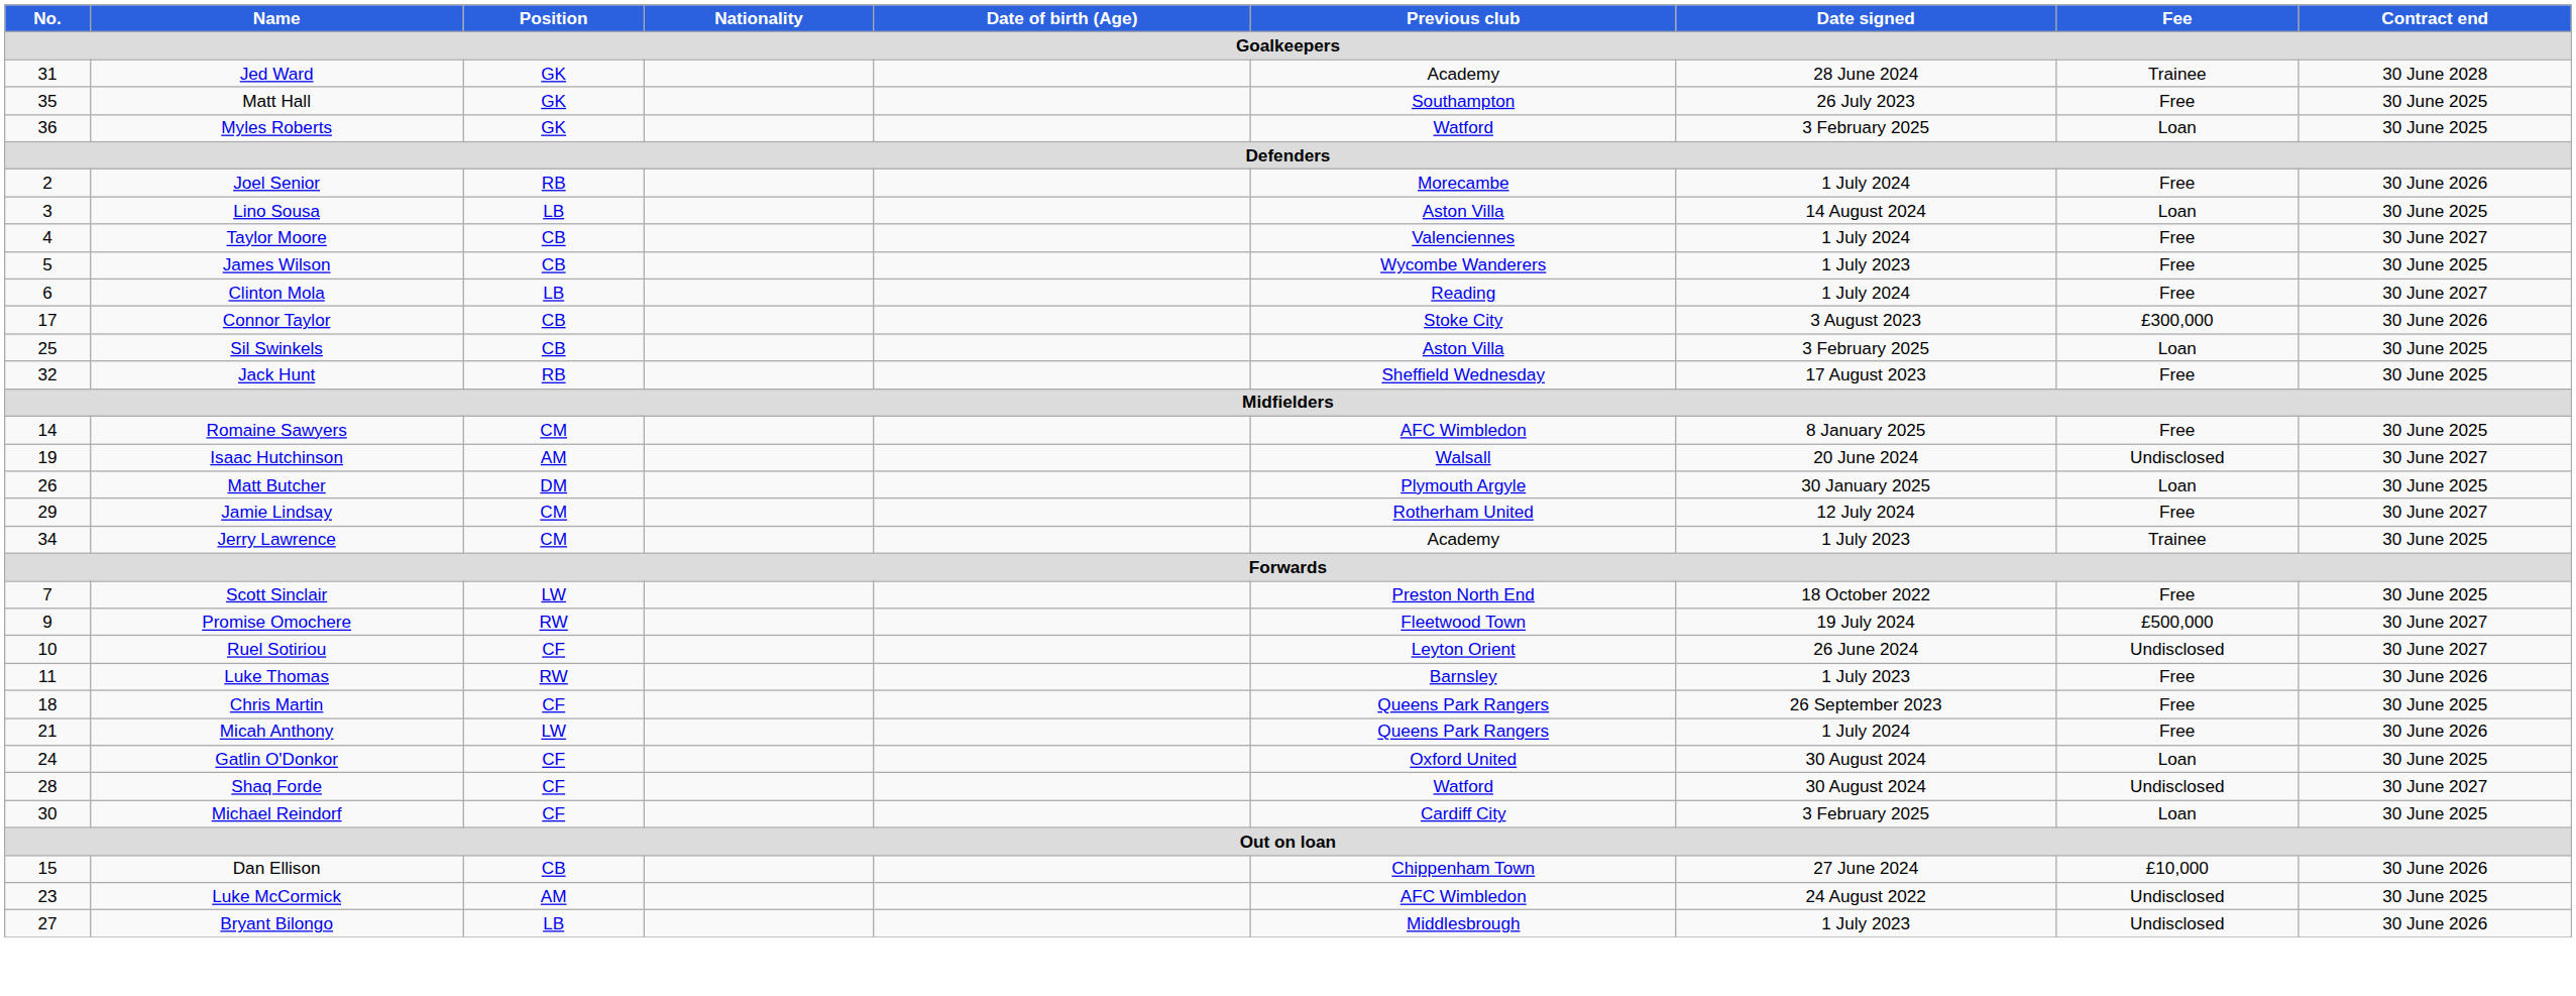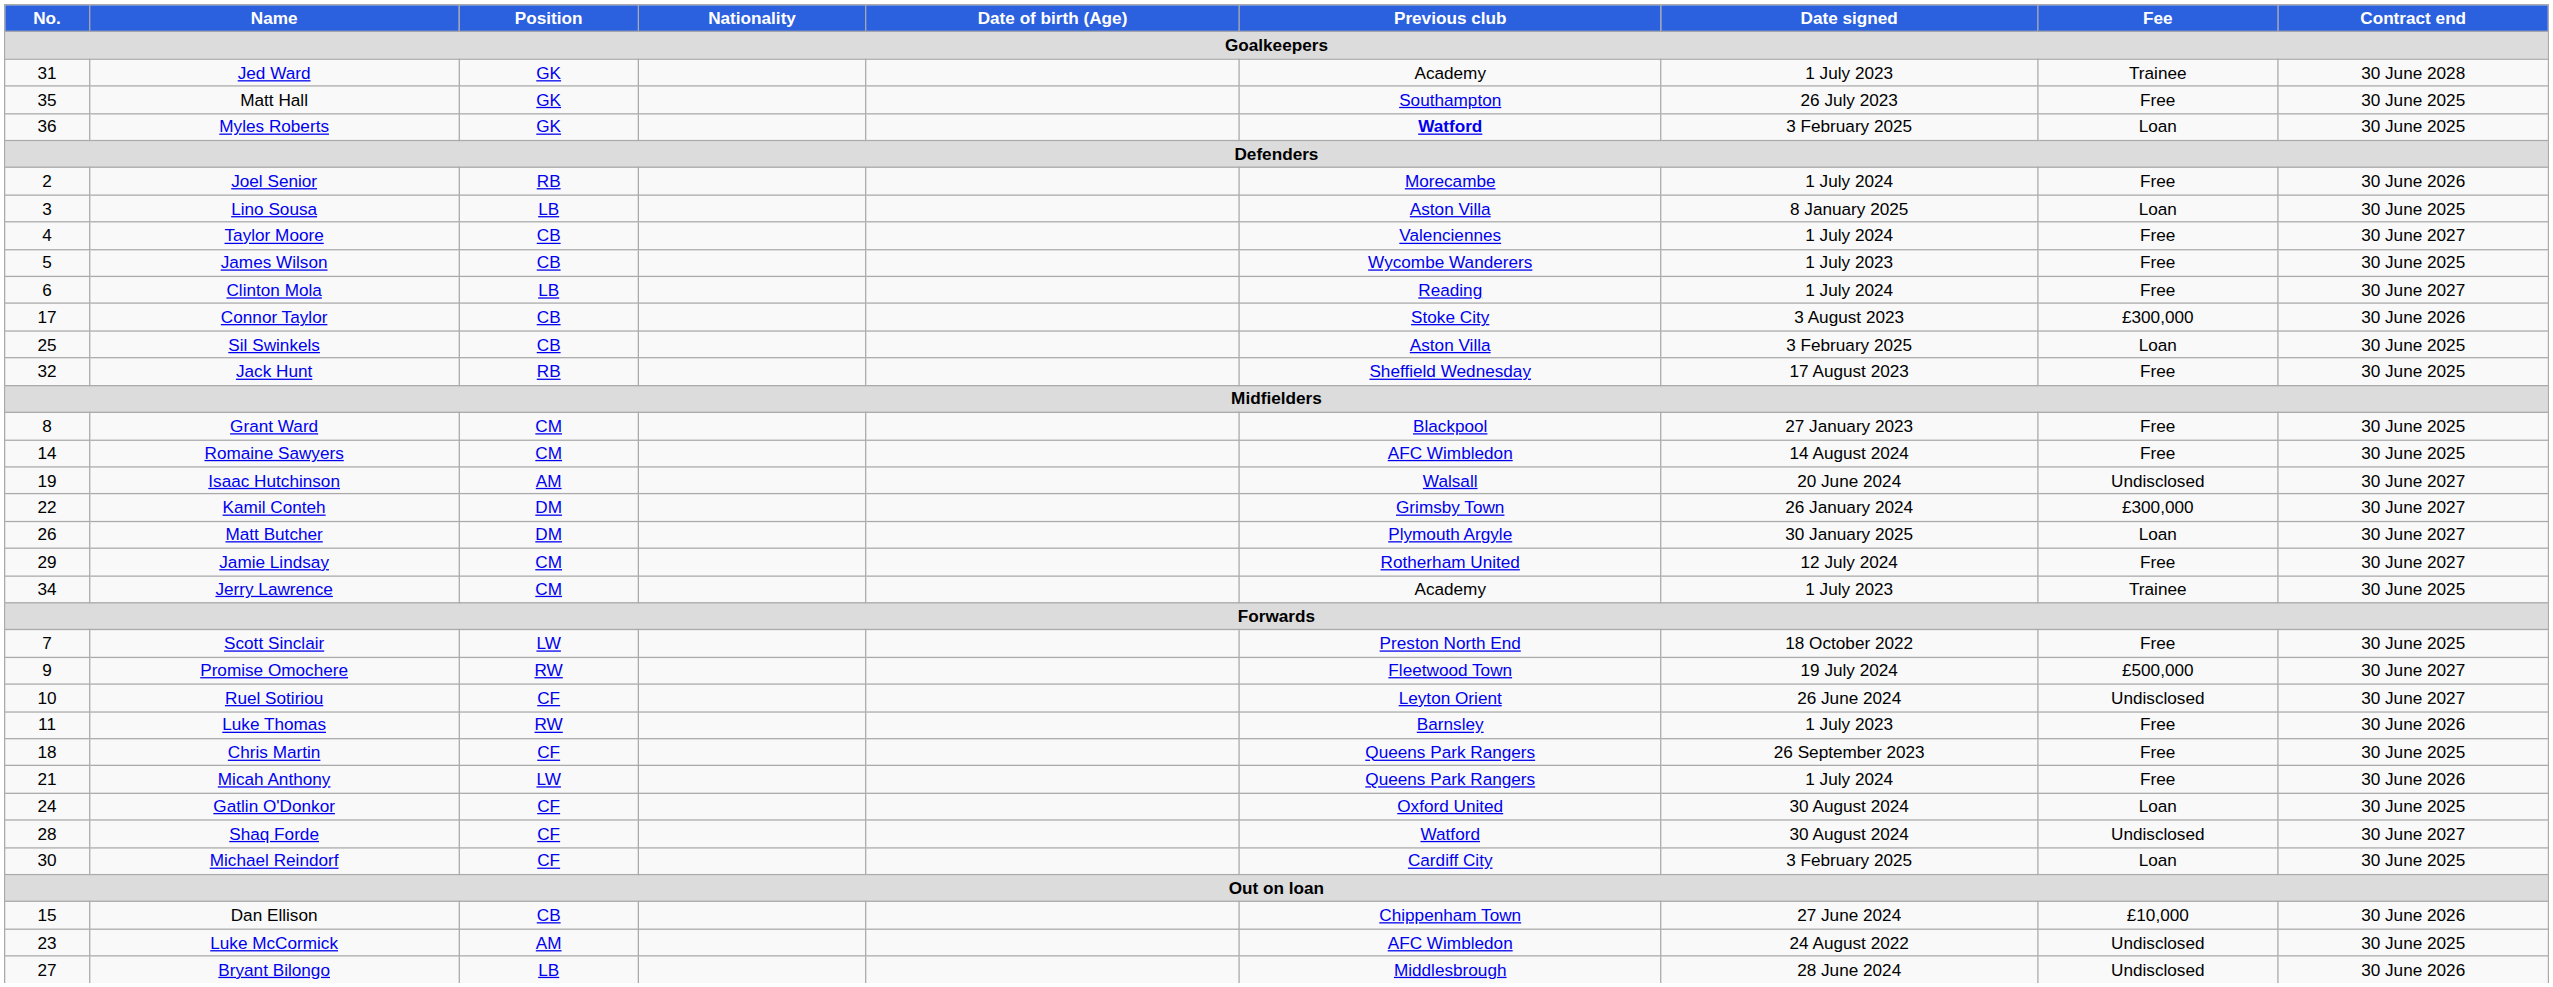 <table class="wikitable sortable" style="text-align:center; font-size:84.5%; width:101%;">
 <tr>
 <th style="background:#2B60DE; color:#fff; text-align:center;">No.</th>
 <th style="background:#2B60DE; color:#fff; text-align:center;">Name</th>
 <th style="background:#2B60DE; color:#fff; text-align:center;">Position</th>
 <th style="background:#2B60DE; color:#fff; text-align:center;">Nationality</th>
 <th style="background:#2B60DE; color:#fff; text-align:center;">Date of birth (Age)</th>
 <th style="background:#2B60DE; color:#fff; text-align:center;">Previous club</th>
 <th style="background:#2B60DE; color:#fff; text-align:center;">Date signed</th>
 <th style="background:#2B60DE; color:#fff; text-align:center;">Fee</th>
 <th style="background:#2B60DE; color:#fff; text-align:center;">Contract end</th>
 </tr>
 <tr>
 <th colspan="9" style="background:#dcdcdc; tepxt-align:center;">Goalkeepers</th>
 </tr>
 <tr>
 <td>31</td>
 <td><a href='#'>Jed Ward</a></td>
 <td><a href='#'>GK</a></td>
 <td></td>
 <td></td>
 <td>Academy</td>
-<td>28 June 2024</td>
+<td>1 July 2023</td>
 <td>Trainee</td>
 <td>30 June 2028</td>
 </tr>
 <tr>
 <td>35</td>
 <td>Matt Hall</td>
 <td><a href='#'>GK</a></td>
 <td></td>
 <td></td>
 <td><a href='#'>Southampton</a></td>
 <td>26 July 2023</td>
 <td>Free</td>
 <td>30 June 2025</td>
 </tr>
 <tr>
 <td>36</td>
 <td><a href='#'>Myles Roberts</a></td>
 <td><a href='#'>GK</a></td>
 <td></td>
 <td></td>
-<td><a href='#'>Watford</a></td>
+<td><strong><a href='#'>Watford</a></strong></td>
 <td>3 February 2025</td>
 <td>Loan</td>
 <td>30 June 2025</td>
 </tr>
 <tr>
 <th colspan="9" style="background:#dcdcdc; tepxt-align:center;">Defenders</th>
 </tr>
 <tr>
 <td>2</td>
 <td><a href='#'>Joel Senior</a></td>
 <td><a href='#'>RB</a></td>
 <td></td>
 <td></td>
 <td><a href='#'>Morecambe</a></td>
 <td>1 July 2024</td>
 <td>Free</td>
 <td>30 June 2026</td>
 </tr>
 <tr>
 <td>3</td>
 <td><a href='#'>Lino Sousa</a></td>
 <td><a href='#'>LB</a></td>
 <td></td>
 <td></td>
 <td><a href='#'>Aston Villa</a></td>
-<td>14 August 2024</td>
+<td>8 January 2025</td>
 <td>Loan</td>
 <td>30 June 2025</td>
 </tr>
 <tr>
 <td>4</td>
 <td><a href='#'>Taylor Moore</a></td>
 <td><a href='#'>CB</a></td>
 <td></td>
 <td></td>
 <td><a href='#'>Valenciennes</a></td>
 <td>1 July 2024</td>
 <td>Free</td>
 <td>30 June 2027</td>
 </tr>
 <tr>
 <td>5</td>
 <td><a href='#'>James Wilson</a></td>
 <td><a href='#'>CB</a></td>
 <td></td>
 <td></td>
 <td><a href='#'>Wycombe Wanderers</a></td>
 <td>1 July 2023</td>
 <td>Free</td>
 <td>30 June 2025</td>
 </tr>
 <tr>
 <td>6</td>
 <td><a href='#'>Clinton Mola</a></td>
 <td><a href='#'>LB</a></td>
 <td></td>
 <td></td>
 <td><a href='#'>Reading</a></td>
 <td>1 July 2024</td>
 <td>Free</td>
 <td>30 June 2027</td>
 </tr>
 <tr>
 <td>17</td>
 <td><a href='#'>Connor Taylor</a></td>
 <td><a href='#'>CB</a></td>
 <td></td>
 <td></td>
 <td><a href='#'>Stoke City</a></td>
 <td>3 August 2023</td>
 <td>£300,000</td>
 <td>30 June 2026</td>
 </tr>
 <tr>
 <td>25</td>
 <td><a href='#'>Sil Swinkels</a></td>
 <td><a href='#'>CB</a></td>
 <td></td>
 <td></td>
 <td><a href='#'>Aston Villa</a></td>
 <td>3 February 2025</td>
 <td>Loan</td>
 <td>30 June 2025</td>
 </tr>
 <tr>
 <td>32</td>
 <td><a href='#'>Jack Hunt</a></td>
 <td><a href='#'>RB</a></td>
 <td></td>
 <td></td>
 <td><a href='#'>Sheffield Wednesday</a></td>
 <td>17 August 2023</td>
 <td>Free</td>
 <td>30 June 2025</td>
 </tr>
 <tr>
 <th colspan="9" style="background:#dcdcdc; tepxt-align:center;">Midfielders</th>
 </tr>
 <tr>
+<td>8</td>
+<td><a href='#'>Grant Ward</a></td>
+<td><a href='#'>CM</a></td>
+<td></td>
+<td></td>
+<td><a href='#'>Blackpool</a></td>
+<td>27 January 2023</td>
+<td>Free</td>
+<td>30 June 2025</td>
+</tr>
+<tr>
 <td>14</td>
 <td><a href='#'>Romaine Sawyers</a></td>
 <td><a href='#'>CM</a></td>
 <td></td>
 <td></td>
 <td><a href='#'>AFC Wimbledon</a></td>
-<td>8 January 2025</td>
+<td>14 August 2024</td>
 <td>Free</td>
 <td>30 June 2025</td>
 </tr>
 <tr>
 <td>19</td>
 <td><a href='#'>Isaac Hutchinson</a></td>
 <td><a href='#'>AM</a></td>
 <td></td>
 <td></td>
 <td><a href='#'>Walsall</a></td>
 <td>20 June 2024</td>
 <td>Undisclosed</td>
 <td>30 June 2027</td>
 </tr>
 <tr>
+<td>22</td>
+<td><a href='#'>Kamil Conteh</a></td>
+<td><a href='#'>DM</a></td>
+<td></td>
+<td></td>
+<td><a href='#'>Grimsby Town</a></td>
+<td>26 January 2024</td>
+<td>£300,000</td>
+<td>30 June 2027</td>
+</tr>
+<tr>
 <td>26</td>
 <td><a href='#'>Matt Butcher</a></td>
 <td><a href='#'>DM</a></td>
 <td></td>
 <td></td>
 <td><a href='#'>Plymouth Argyle</a></td>
 <td>30 January 2025</td>
 <td>Loan</td>
-<td>30 June 2025</td>
+<td>30 June 2027</td>
 </tr>
 <tr>
 <td>29</td>
 <td><a href='#'>Jamie Lindsay</a></td>
 <td><a href='#'>CM</a></td>
 <td></td>
 <td></td>
 <td><a href='#'>Rotherham United</a></td>
 <td>12 July 2024</td>
 <td>Free</td>
 <td>30 June 2027</td>
 </tr>
 <tr>
 <td>34</td>
 <td><a href='#'>Jerry Lawrence</a></td>
 <td><a href='#'>CM</a></td>
 <td></td>
 <td></td>
 <td>Academy</td>
 <td>1 July 2023</td>
 <td>Trainee</td>
 <td>30 June 2025</td>
 </tr>
 <tr>
 <th colspan="9" style="background:#dcdcdc; tepxt-align:center;">Forwards</th>
 </tr>
 <tr>
 <td>7</td>
 <td><a href='#'>Scott Sinclair</a></td>
 <td><a href='#'>LW</a></td>
 <td></td>
 <td></td>
 <td><a href='#'>Preston North End</a></td>
 <td>18 October 2022</td>
 <td>Free</td>
 <td>30 June 2025</td>
 </tr>
 <tr>
 <td>9</td>
 <td><a href='#'>Promise Omochere</a></td>
 <td><a href='#'>RW</a></td>
 <td></td>
 <td></td>
 <td><a href='#'>Fleetwood Town</a></td>
 <td>19 July 2024</td>
 <td>£500,000</td>
 <td>30 June 2027</td>
 </tr>
 <tr>
 <td>10</td>
 <td><a href='#'>Ruel Sotiriou</a></td>
 <td><a href='#'>CF</a></td>
 <td></td>
 <td></td>
 <td><a href='#'>Leyton Orient</a></td>
 <td>26 June 2024</td>
 <td>Undisclosed</td>
 <td>30 June 2027</td>
 </tr>
 <tr>
 <td>11</td>
 <td><a href='#'>Luke Thomas</a></td>
 <td><a href='#'>RW</a></td>
 <td></td>
 <td></td>
 <td><a href='#'>Barnsley</a></td>
 <td>1 July 2023</td>
 <td>Free</td>
 <td>30 June 2026</td>
 </tr>
 <tr>
 <td>18</td>
 <td><a href='#'>Chris Martin</a></td>
 <td><a href='#'>CF</a></td>
 <td></td>
 <td></td>
 <td><a href='#'>Queens Park Rangers</a></td>
 <td>26 September 2023</td>
 <td>Free</td>
 <td>30 June 2025</td>
 </tr>
 <tr>
 <td>21</td>
 <td><a href='#'>Micah Anthony</a></td>
 <td><a href='#'>LW</a></td>
 <td></td>
 <td></td>
 <td><a href='#'>Queens Park Rangers</a></td>
 <td>1 July 2024</td>
 <td>Free</td>
 <td>30 June 2026</td>
 </tr>
 <tr>
 <td>24</td>
 <td><a href='#'>Gatlin O'Donkor</a></td>
 <td><a href='#'>CF</a></td>
 <td></td>
 <td></td>
 <td><a href='#'>Oxford United</a></td>
 <td>30 August 2024</td>
 <td>Loan</td>
 <td>30 June 2025</td>
 </tr>
 <tr>
 <td>28</td>
 <td><a href='#'>Shaq Forde</a></td>
 <td><a href='#'>CF</a></td>
 <td></td>
 <td></td>
 <td><a href='#'>Watford</a></td>
 <td>30 August 2024</td>
 <td>Undisclosed</td>
 <td>30 June 2027</td>
 </tr>
 <tr>
 <td>30</td>
 <td><a href='#'>Michael Reindorf</a></td>
 <td><a href='#'>CF</a></td>
 <td></td>
 <td></td>
 <td><a href='#'>Cardiff City</a></td>
 <td>3 February 2025</td>
 <td>Loan</td>
 <td>30 June 2025</td>
 </tr>
 <tr>
 <th colspan="9" style="background:#dcdcdc; tepxt-align:center;">Out on loan</th>
 </tr>
 <tr>
 <td>15</td>
 <td>Dan Ellison</td>
 <td><a href='#'>CB</a></td>
 <td></td>
 <td></td>
 <td><a href='#'>Chippenham Town</a></td>
 <td>27 June 2024</td>
 <td>£10,000</td>
 <td>30 June 2026</td>
 </tr>
 <tr>
 <td>23</td>
 <td><a href='#'>Luke McCormick</a></td>
 <td><a href='#'>AM</a></td>
 <td></td>
 <td></td>
 <td><a href='#'>AFC Wimbledon</a></td>
 <td>24 August 2022</td>
 <td>Undisclosed</td>
 <td>30 June 2025</td>
 </tr>
 <tr>
 <td>27</td>
 <td><a href='#'>Bryant Bilongo</a></td>
 <td><a href='#'>LB</a></td>
 <td></td>
 <td></td>
 <td><a href='#'>Middlesbrough</a></td>
-<td>1 July 2023</td>
+<td>28 June 2024</td>
 <td>Undisclosed</td>
 <td>30 June 2026</td>
 </tr>
 <tr>
 </tr>
 </table>
